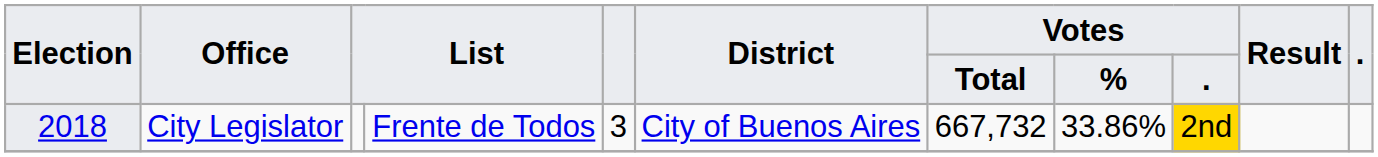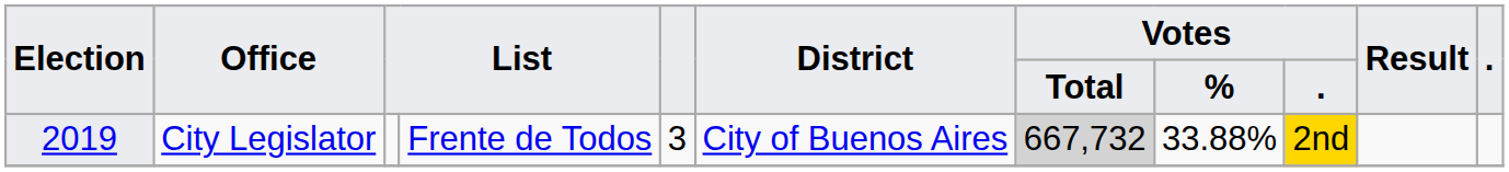 <table class="wikitable" style="font-size:90%; text-align:center;">
 <tr>
 <th style="background-color:#EAECF0;" rowspan=2>Election</th>
 <th style="background-color:#EAECF0;" rowspan=2>Office</th>
 <th style="background-color:#EAECF0;" colspan=2 rowspan=2>List</th>
 <th style="background-color:#EAECF0;" rowspan=2></th>
 <th style="background-color:#EAECF0;" rowspan=2>District</th>
 <th style="background-color:#EAECF0;" colspan=3>Votes</th>
 <th style="background-color:#EAECF0;" rowspan=2>Result</th>
 <th style="background-color:#EAECF0;" rowspan=2>.</th>
 </tr>
 <tr>
 <th style="background-color:#EAECF0;">Total</th>
 <th style="background-color:#EAECF0;">%</th>
 <th style="background-color:#EAECF0;">.</th>
 </tr>
 <tr>
-<td style="background-color:#EAECF0;"><a href='#'>2018</a></td>
+<td style="background-color:#EAECF0;"><a href='#'>2019</a></td>
 <td><a href='#'>City Legislator</a></td>
 <td style="background-color:"></td>
 <td><a href='#'>Frente de Todos</a></td>
 <td>3</td>
 <td><a href='#'>City of Buenos Aires</a></td>
-<td>667,732</td>
-<td>33.86%</td>
+<td style="background: lightgrey;">667,732</td>
+<td>33.88%</td>
 <td style="background: gold;">2nd</td>
 <td></td>
 <td></td>
 </tr>
 <tr>
 </tr>
 </table>
